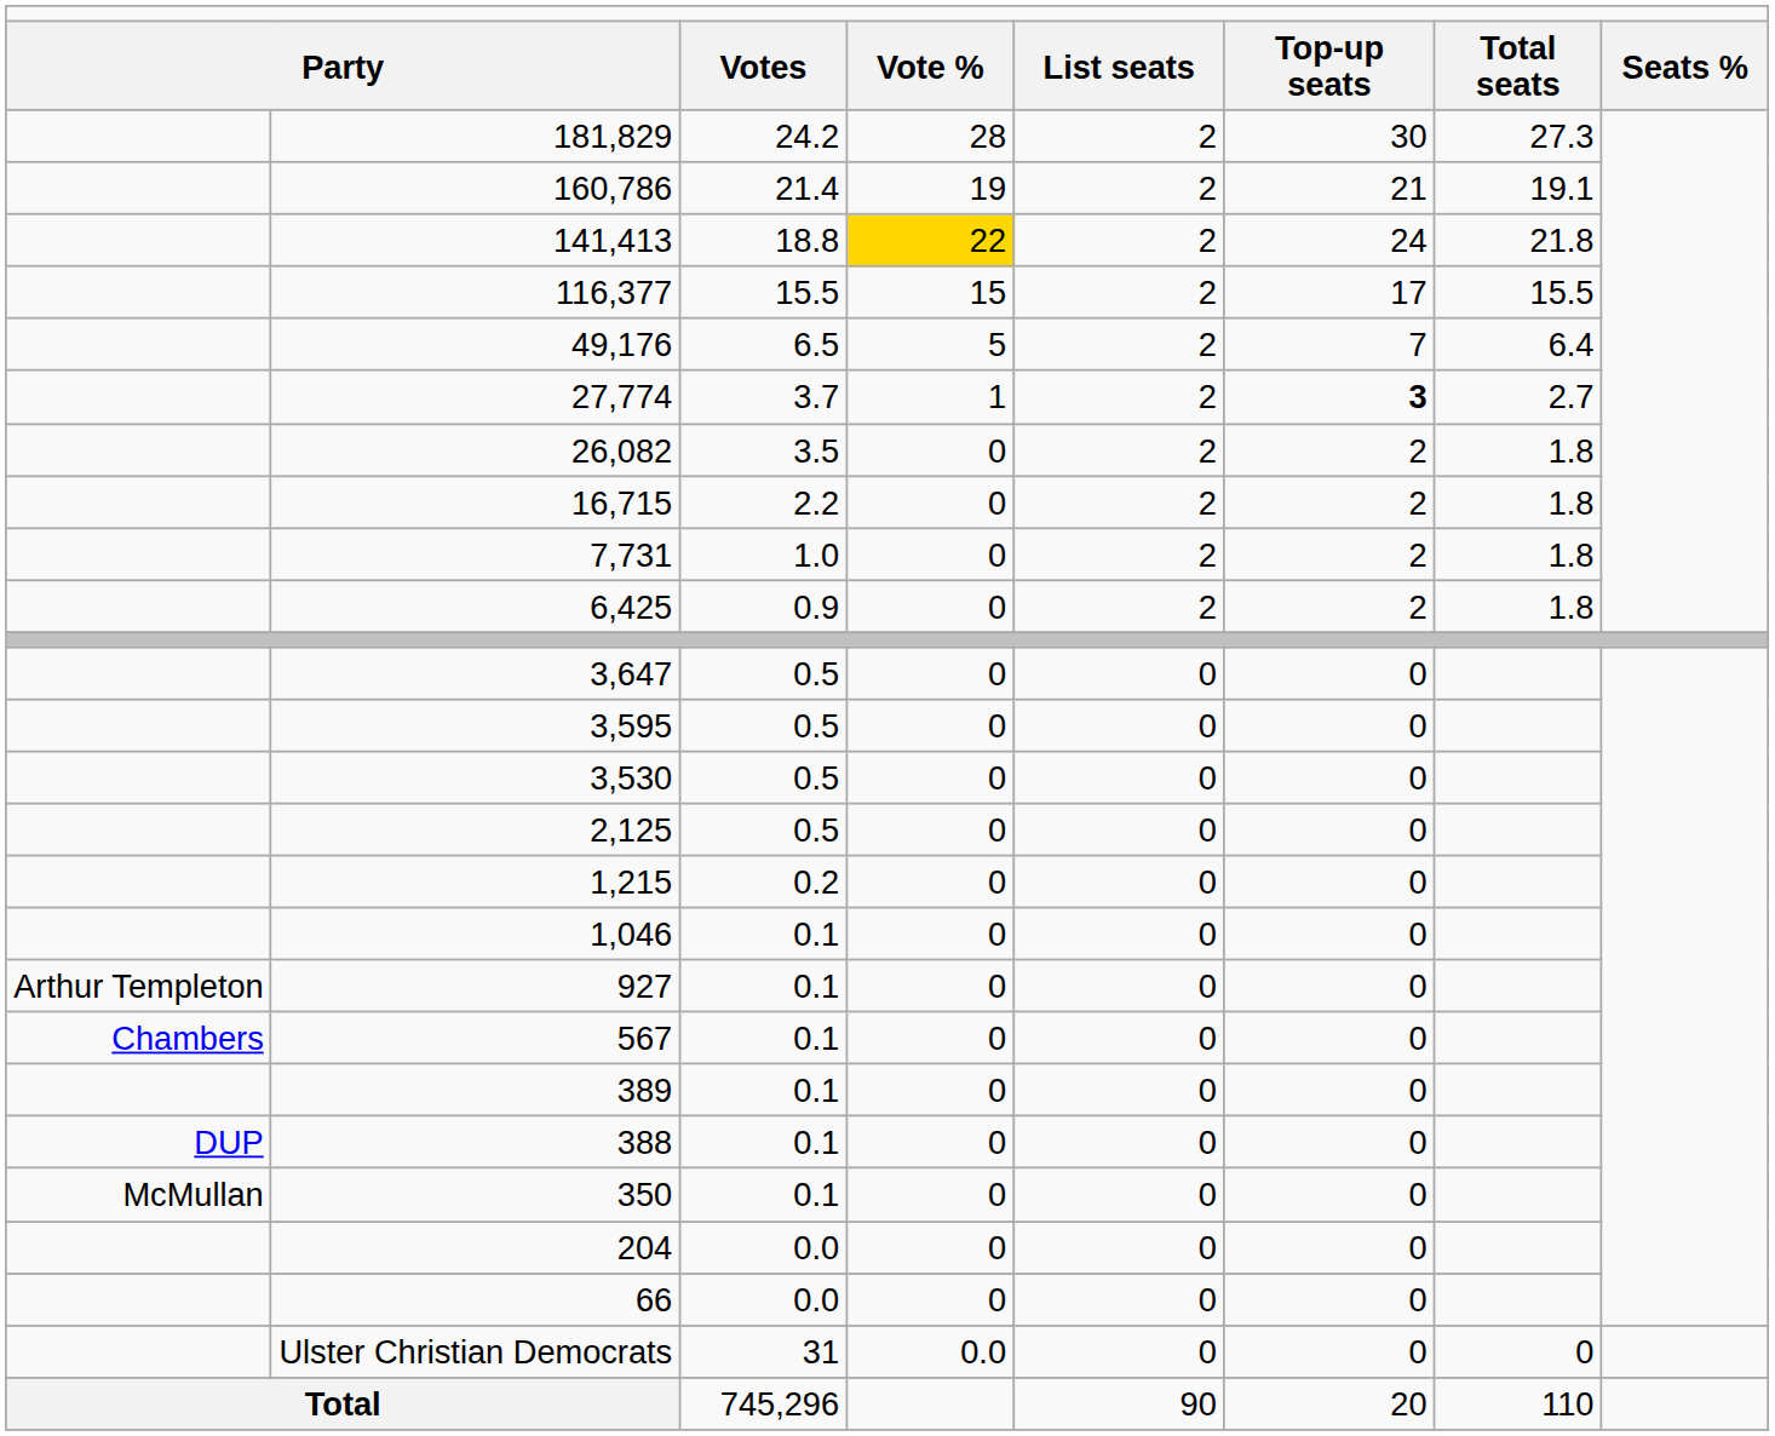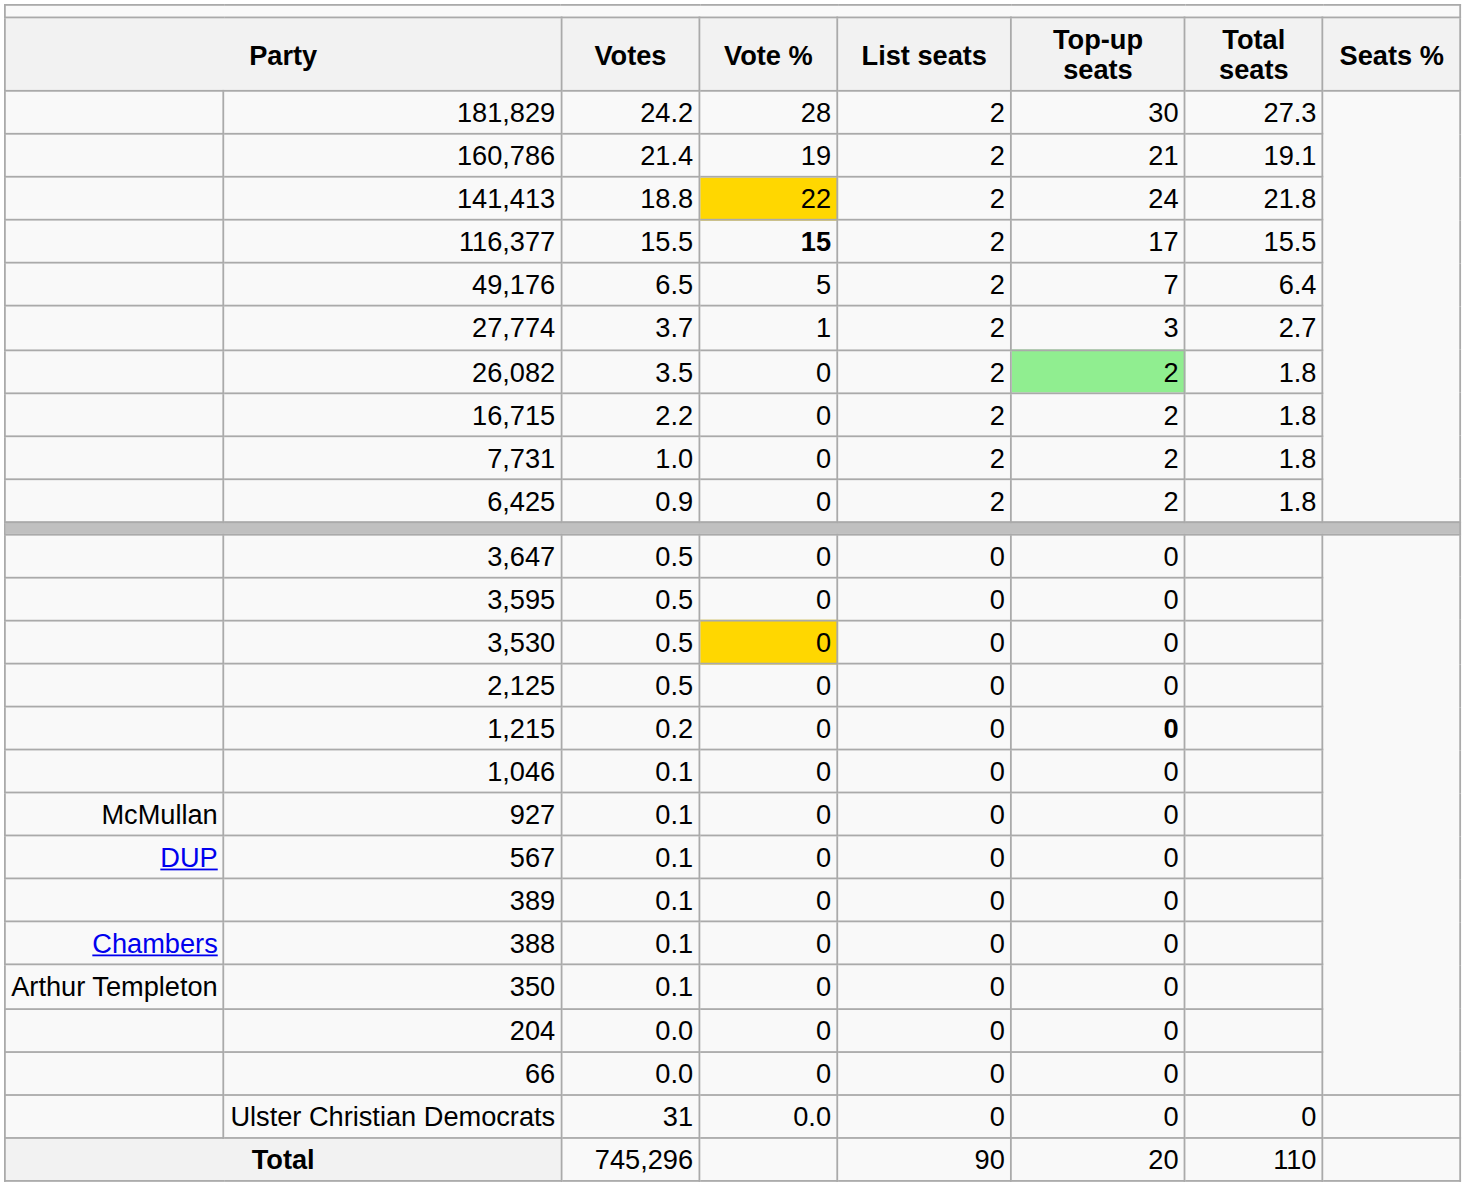 <table class="wikitable" style="text-align:right; font-size:95%; margin-bottom:0">
 <tr>
 <td colspan=10></td>
 </tr>
 <tr>
 <th style="width:65px;" colspan="2">Party</th>
 <th style="width:70px;">Votes</th>
 <th style="width:70px;">Vote %</th>
 <th style="width:90px;">List seats</th>
 <th style="width:90px;">Top-up seats</th>
 <th style="width:70px;">Total seats</th>
 <th style="width:70px;">Seats %</th>
 </tr>
 <tr>
 <td></td>
 <td>181,829</td>
 <td>24.2</td>
 <td>28</td>
 <td>2</td>
 <td>30</td>
 <td>27.3</td>
 </tr>
 <tr>
 <td></td>
 <td>160,786</td>
 <td>21.4</td>
 <td>19</td>
 <td>2</td>
 <td>21</td>
 <td>19.1</td>
 </tr>
 <tr>
 <td></td>
 <td>141,413</td>
 <td>18.8</td>
 <td style="background: gold;">22</td>
 <td>2</td>
 <td>24</td>
 <td>21.8</td>
 </tr>
 <tr>
 <td></td>
 <td>116,377</td>
 <td>15.5</td>
-<td>15</td>
+<td><strong>15</strong></td>
 <td>2</td>
 <td>17</td>
 <td>15.5</td>
 </tr>
 <tr>
 <td></td>
 <td>49,176</td>
 <td>6.5</td>
 <td>5</td>
 <td>2</td>
 <td>7</td>
 <td>6.4</td>
 </tr>
 <tr>
 <td></td>
 <td>27,774</td>
 <td>3.7</td>
 <td>1</td>
 <td>2</td>
-<td><strong>3</strong></td>
+<td>3</td>
 <td>2.7</td>
 </tr>
 <tr>
 <td></td>
 <td>26,082</td>
 <td>3.5</td>
 <td>0</td>
 <td>2</td>
-<td>2</td>
+<td style="background: lightgreen;">2</td>
 <td>1.8</td>
 </tr>
 <tr>
 <td></td>
 <td>16,715</td>
 <td>2.2</td>
 <td>0</td>
 <td>2</td>
 <td>2</td>
 <td>1.8</td>
 </tr>
 <tr>
 <td></td>
 <td>7,731</td>
 <td>1.0</td>
 <td>0</td>
 <td>2</td>
 <td>2</td>
 <td>1.8</td>
 </tr>
 <tr>
 <td></td>
 <td>6,425</td>
 <td>0.9</td>
 <td>0</td>
 <td>2</td>
 <td>2</td>
 <td>1.8</td>
 </tr>
 <tr>
 <td colspan="8" style="background: #C0C0C0"></td>
 </tr>
 <tr>
 <td></td>
 <td>3,647</td>
 <td>0.5</td>
 <td>0</td>
 <td>0</td>
 <td>0</td>
 <td></td>
 </tr>
 <tr>
 <td></td>
 <td>3,595</td>
 <td>0.5</td>
 <td>0</td>
 <td>0</td>
 <td>0</td>
 <td></td>
 </tr>
 <tr>
 <td></td>
 <td>3,530</td>
 <td>0.5</td>
-<td>0</td>
+<td style="background: gold;">0</td>
 <td>0</td>
 <td>0</td>
 <td></td>
 </tr>
 <tr>
 <td></td>
 <td>2,125</td>
 <td>0.5</td>
 <td>0</td>
 <td>0</td>
 <td>0</td>
 <td></td>
 </tr>
 <tr>
 <td></td>
 <td>1,215</td>
 <td>0.2</td>
 <td>0</td>
 <td>0</td>
-<td>0</td>
+<td><strong>0</strong></td>
 <td></td>
 </tr>
 <tr>
 <td></td>
 <td>1,046</td>
 <td>0.1</td>
 <td>0</td>
 <td>0</td>
 <td>0</td>
 <td></td>
 </tr>
 <tr>
-<td> Arthur Templeton</td>
+<td> McMullan</td>
 <td>927</td>
 <td>0.1</td>
 <td>0</td>
 <td>0</td>
 <td>0</td>
 <td></td>
 </tr>
 <tr>
-<td> <a href='#'>Chambers</a></td>
+<td> <a href='#'>DUP</a></td>
 <td>567</td>
 <td>0.1</td>
 <td>0</td>
 <td>0</td>
 <td>0</td>
 <td></td>
 </tr>
 <tr>
 <td></td>
 <td>389</td>
 <td>0.1</td>
 <td>0</td>
 <td>0</td>
 <td>0</td>
 <td></td>
 </tr>
 <tr>
-<td> <a href='#'>DUP</a></td>
+<td> <a href='#'>Chambers</a></td>
 <td>388</td>
 <td>0.1</td>
 <td>0</td>
 <td>0</td>
 <td>0</td>
 <td></td>
 </tr>
 <tr>
-<td> McMullan</td>
+<td> Arthur Templeton</td>
 <td>350</td>
 <td>0.1</td>
 <td>0</td>
 <td>0</td>
 <td>0</td>
 <td></td>
 </tr>
 <tr>
 <td></td>
 <td>204</td>
 <td>0.0</td>
 <td>0</td>
 <td>0</td>
 <td>0</td>
 <td></td>
 </tr>
 <tr>
 <td></td>
 <td>66</td>
 <td>0.0</td>
 <td>0</td>
 <td>0</td>
 <td>0</td>
 <td></td>
 </tr>
 <tr>
 <td></td>
 <td style="text-align:left;">Ulster Christian Democrats</td>
 <td>31</td>
 <td>0.0</td>
 <td>0</td>
 <td>0</td>
 <td>0</td>
 <td></td>
 </tr>
 <tr>
 <th colspan="2">Total</th>
 <td>745,296</td>
 <td></td>
 <td style="text-align: right;">90</td>
 <td style="text-align: right;">20</td>
 <td style="text-align: right;">110</td>
 <td style="text-align: right;"></td>
 </tr>
 </table>
